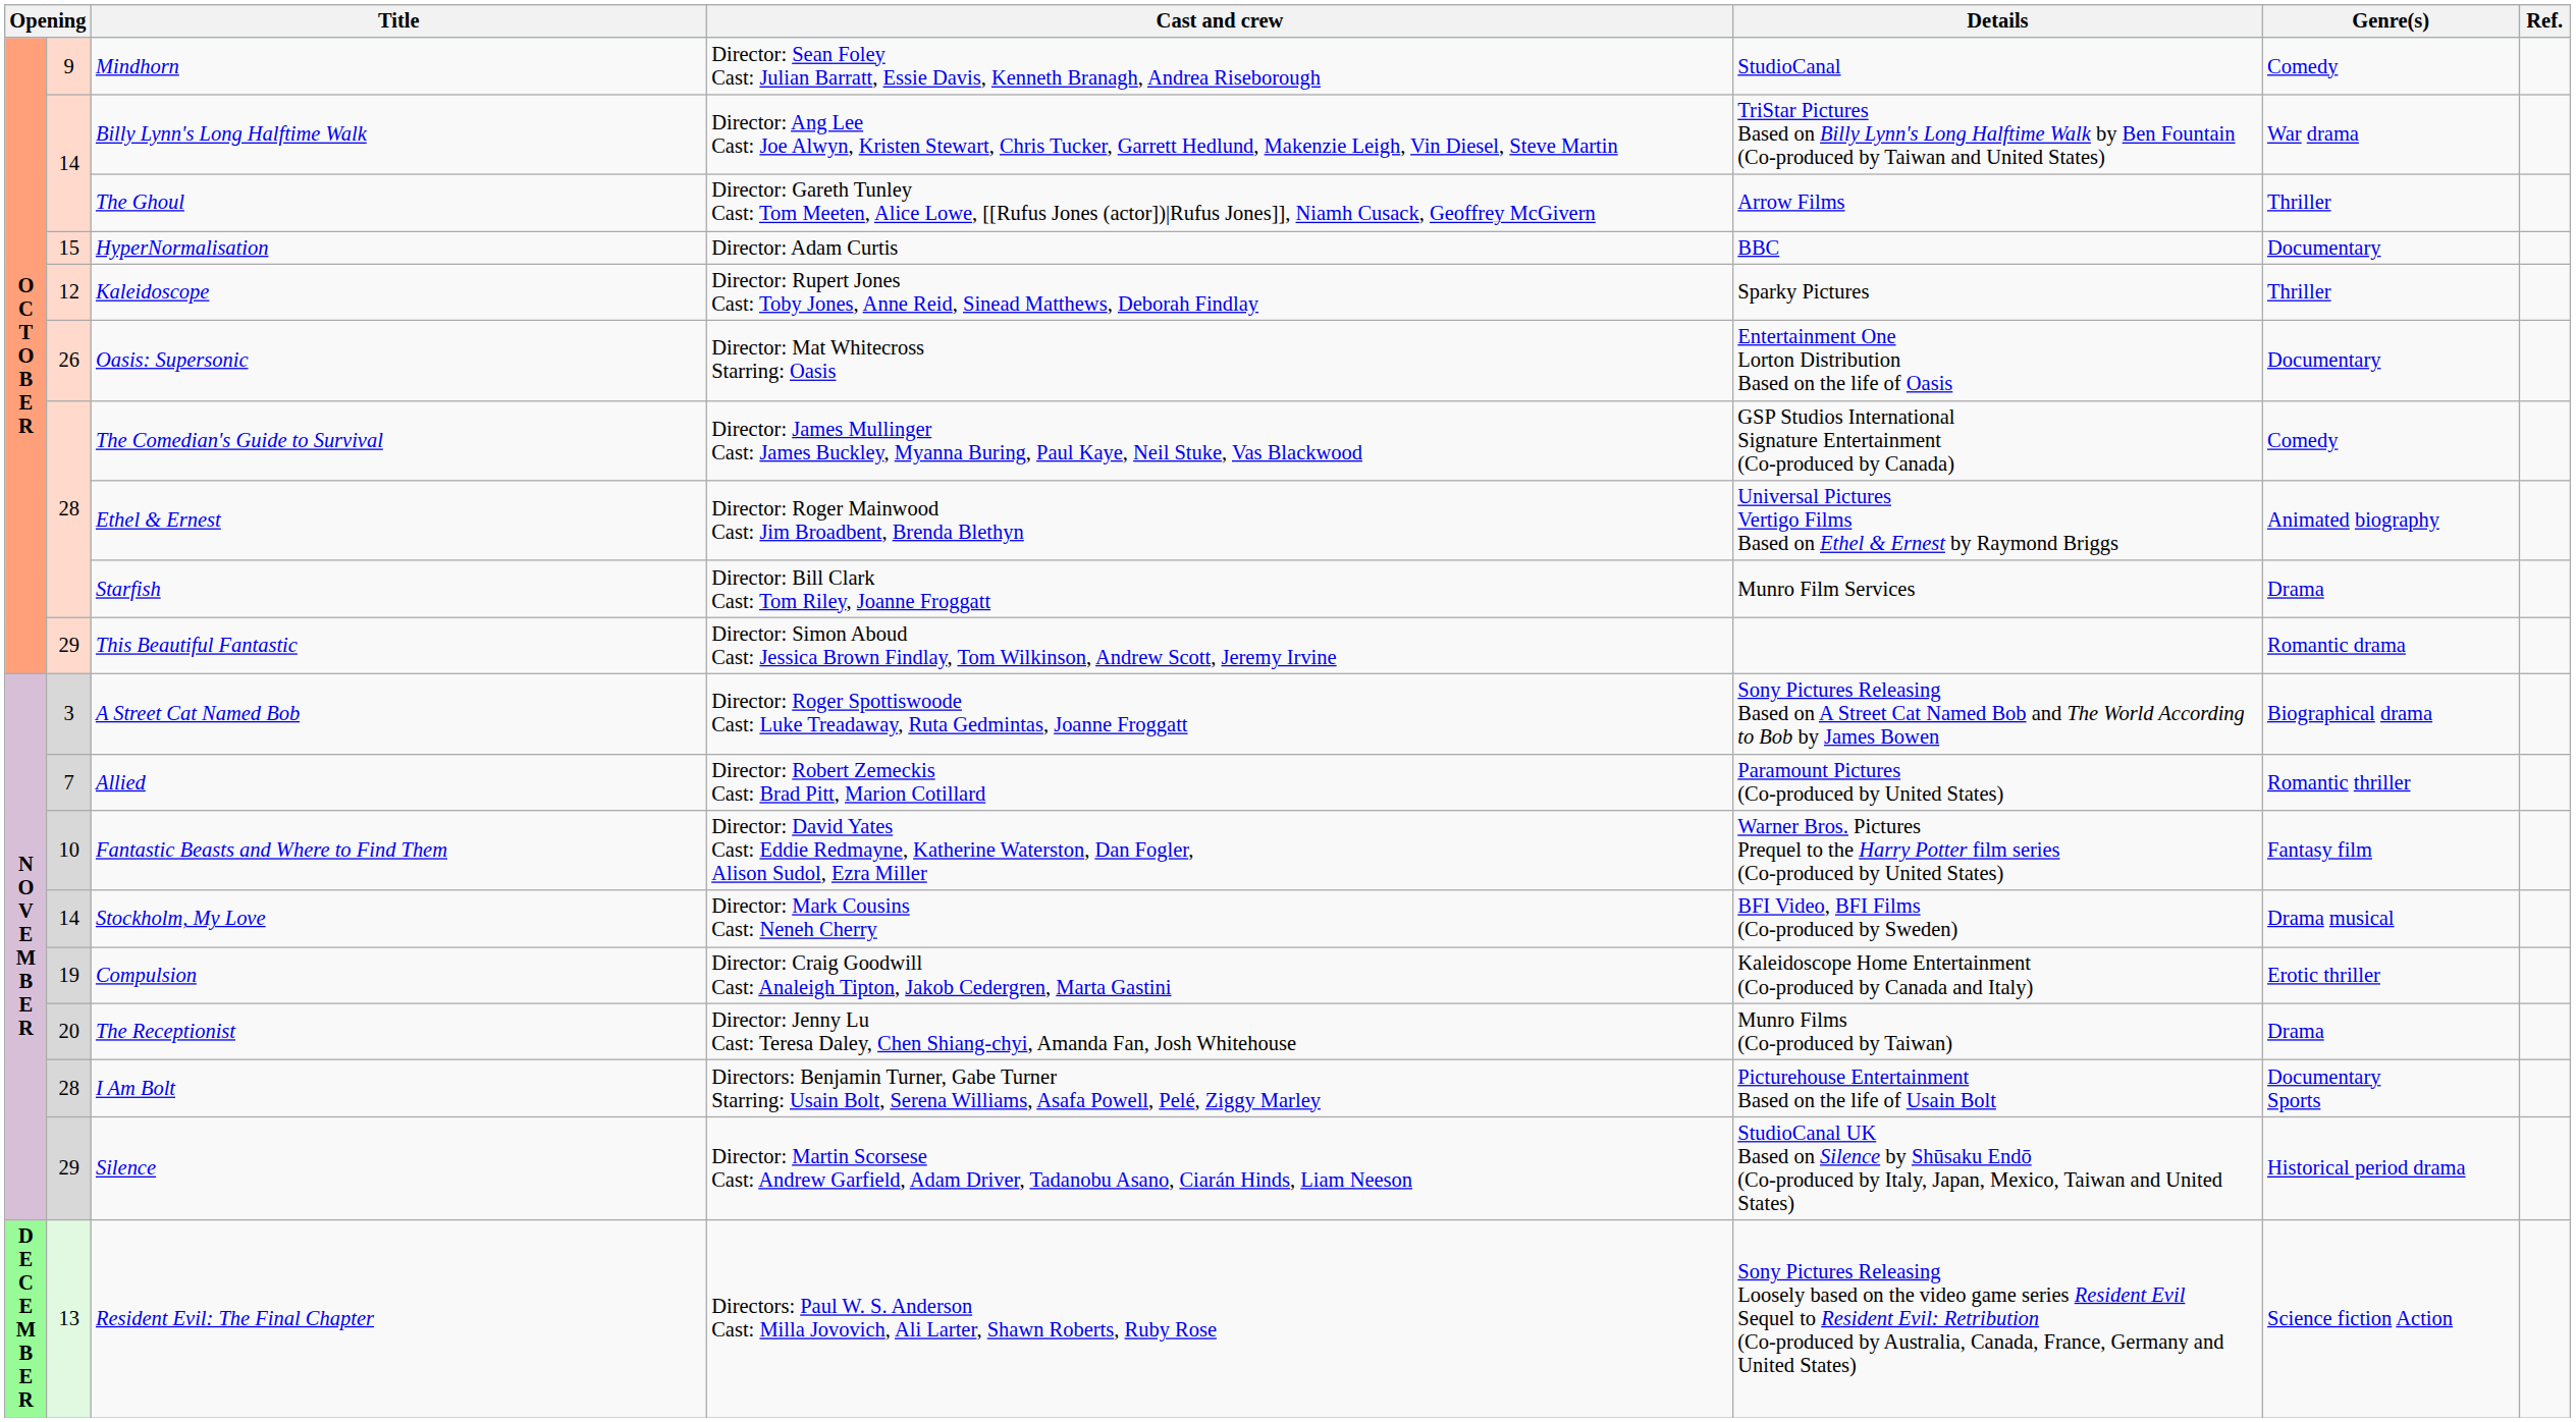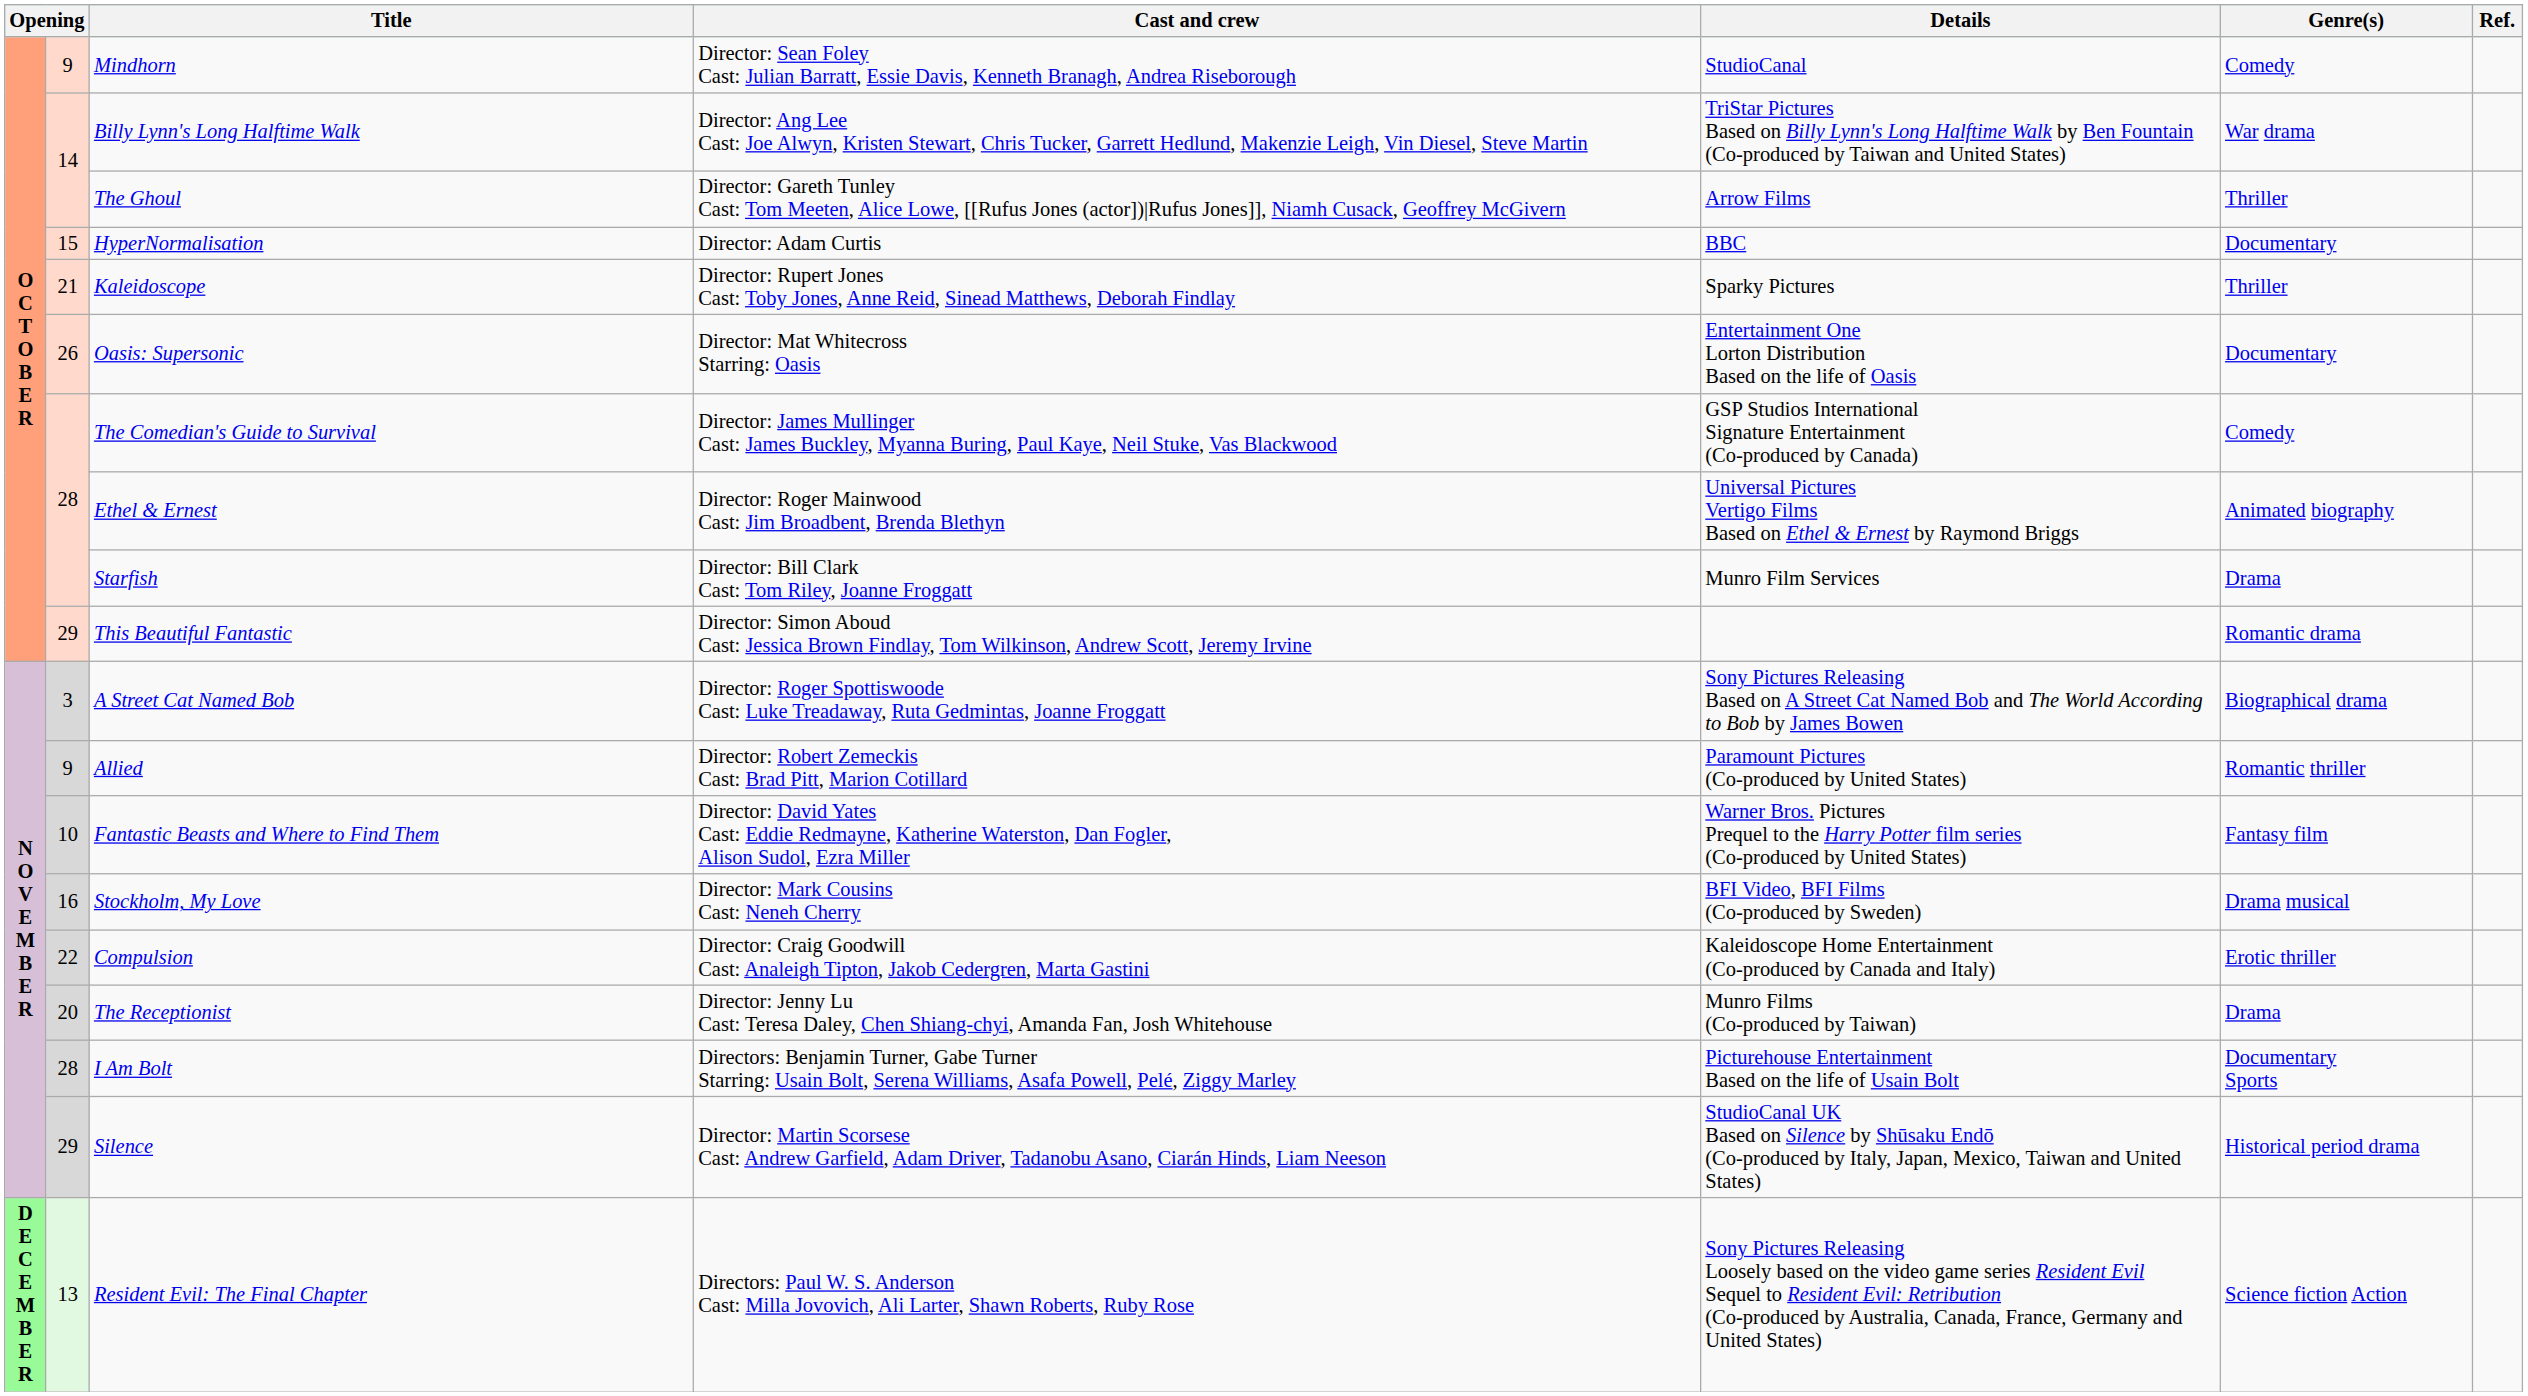 <table class="wikitable">
 <tr style="background:#b0e0e6; text-align:center;">
 <th colspan="2">Opening</th>
 <th style="width:24%;">Title</th>
 <th style="width:40%;">Cast and crew</th>
 <th>Details</th>
 <th style="width:10%;">Genre(s)</th>
 <th style="width:2%;">Ref.</th>
 </tr>
 <tr>
 <th rowspan="10" style="text-align:center; background:#ffa07a; textcolor:#000;">O<br>C<br>T<br>O<br>B<br>E<br>R</th>
 <td rowspan="1" style="text-align:center; background:#ffdacc;">9</td>
 <td><em><a href='#'>Mindhorn</a></em></td>
 <td>Director: <a href='#'>Sean Foley</a> <br> Cast: <a href='#'>Julian Barratt</a>, <a href='#'>Essie Davis</a>, <a href='#'>Kenneth Branagh</a>, <a href='#'>Andrea Riseborough</a></td>
 <td><a href='#'>StudioCanal</a></td>
 <td><a href='#'>Comedy</a></td>
 <td style="text-align:center"></td>
 </tr>
 <tr>
 <td rowspan="2" style="text-align:center; background:#ffdacc;">14</td>
 <td><em><a href='#'>Billy Lynn's Long Halftime Walk</a></em></td>
 <td>Director: <a href='#'>Ang Lee</a> <br> Cast: <a href='#'>Joe Alwyn</a>, <a href='#'>Kristen Stewart</a>, <a href='#'>Chris Tucker</a>, <a href='#'>Garrett Hedlund</a>, <a href='#'>Makenzie Leigh</a>, <a href='#'>Vin Diesel</a>, <a href='#'>Steve Martin</a></td>
 <td><a href='#'>TriStar Pictures</a> <br> Based on <em><a href='#'>Billy Lynn's Long Halftime Walk</a></em> by <a href='#'>Ben Fountain</a> <br> (Co-produced by Taiwan and United States)</td>
 <td><a href='#'>War</a> <a href='#'>drama</a></td>
 <td style="text-align:center"></td>
 </tr>
 <tr>
 <td><em><a href='#'>The Ghoul</a></em></td>
 <td>Director: Gareth Tunley <br> Cast: <a href='#'>Tom Meeten</a>, <a href='#'>Alice Lowe</a>, [[Rufus Jones (actor])|Rufus Jones]], <a href='#'>Niamh Cusack</a>, <a href='#'>Geoffrey McGivern</a></td>
 <td><a href='#'>Arrow Films</a></td>
 <td><a href='#'>Thriller</a></td>
 <td></td>
 </tr>
 <tr>
 <td rowspan="1" style="text-align:center; background:#ffdacc;">15</td>
 <td><em><a href='#'>HyperNormalisation</a></em></td>
 <td>Director: Adam Curtis</td>
 <td><a href='#'>BBC</a></td>
 <td><a href='#'>Documentary</a></td>
 <td style="text-align:center"></td>
 </tr>
 <tr>
-<td rowspan="1" style="text-align:center; background:#ffdacc;">12</td>
+<td rowspan="1" style="text-align:center; background:#ffdacc;">21</td>
 <td><em><a href='#'>Kaleidoscope</a></em></td>
 <td>Director: Rupert Jones <br> Cast: <a href='#'>Toby Jones</a>, <a href='#'>Anne Reid</a>, <a href='#'>Sinead Matthews</a>, <a href='#'>Deborah Findlay</a></td>
 <td>Sparky Pictures</td>
 <td><a href='#'>Thriller</a></td>
 <td style="text-align:center"></td>
 </tr>
 <tr>
 <td rowspan="1" style="text-align:center; background:#ffdacc;">26</td>
 <td><em><a href='#'>Oasis: Supersonic</a></em></td>
 <td>Director: Mat Whitecross <br> Starring: <a href='#'>Oasis</a></td>
 <td><a href='#'>Entertainment One</a> <br> Lorton Distribution <br> Based on the life of <a href='#'>Oasis</a></td>
 <td><a href='#'>Documentary</a></td>
 <td style="text-align:center"></td>
 </tr>
 <tr>
 <td rowspan="3" style="text-align:center; background:#ffdacc;">28</td>
 <td><em><a href='#'>The Comedian's Guide to Survival</a></em></td>
 <td>Director: <a href='#'>James Mullinger</a> <br> Cast: <a href='#'>James Buckley</a>, <a href='#'>Myanna Buring</a>, <a href='#'>Paul Kaye</a>, <a href='#'>Neil Stuke</a>, <a href='#'>Vas Blackwood</a></td>
 <td>GSP Studios International <br> Signature Entertainment <br> (Co-produced by Canada)</td>
 <td><a href='#'>Comedy</a></td>
 <td style="text-align:center"></td>
 </tr>
 <tr>
 <td><em><a href='#'>Ethel & Ernest</a></em></td>
 <td>Director: Roger Mainwood <br> Cast: <a href='#'>Jim Broadbent</a>, <a href='#'>Brenda Blethyn</a></td>
 <td><a href='#'>Universal Pictures</a> <br> <a href='#'>Vertigo Films</a> <br> Based on <em><a href='#'>Ethel & Ernest</a></em> by Raymond Briggs</td>
 <td><a href='#'>Animated</a> <a href='#'>biography</a></td>
 <td style="text-align:center"></td>
 </tr>
 <tr>
 <td><em><a href='#'>Starfish</a></em></td>
 <td>Director: Bill Clark<br> Cast: <a href='#'>Tom Riley</a>, <a href='#'>Joanne Froggatt</a></td>
 <td>Munro Film Services</td>
 <td><a href='#'>Drama</a></td>
 <td style="text-align:center"></td>
 </tr>
 <tr>
 <td rowspan="1" style="text-align:center; background:#ffdacc;">29</td>
 <td><em><a href='#'>This Beautiful Fantastic</a></em></td>
 <td>Director: Simon Aboud <br> Cast: <a href='#'>Jessica Brown Findlay</a>, <a href='#'>Tom Wilkinson</a>, <a href='#'>Andrew Scott</a>, <a href='#'>Jeremy Irvine</a></td>
 <td></td>
 <td><a href='#'>Romantic drama</a></td>
 <td style="text-align:center"></td>
 </tr>
 <tr>
 <th rowspan="8" style="text-align:center; background:thistle; textcolor:#000;">N<br>O<br>V<br>E<br>M<br>B<br>E<br>R</th>
 <td rowspan="1" style="text-align:center; background:#d8d8d8;">3</td>
 <td><em><a href='#'>A Street Cat Named Bob</a></em></td>
 <td>Director: <a href='#'>Roger Spottiswoode</a> <br> Cast: <a href='#'>Luke Treadaway</a>, <a href='#'>Ruta Gedmintas</a>, <a href='#'>Joanne Froggatt</a></td>
 <td><a href='#'>Sony Pictures Releasing</a> <br> Based on <a href='#'>A Street Cat Named Bob</a> and <em>The World According to Bob</em> by <a href='#'>James Bowen</a></td>
 <td><a href='#'>Biographical</a> <a href='#'>drama</a></td>
 <td style="text-align:center"></td>
 </tr>
 <tr>
-<td rowspan="1" style="text-align:center; background:#d8d8d8;">7</td>
+<td rowspan="1" style="text-align:center; background:#d8d8d8;">9</td>
 <td><em><a href='#'>Allied</a></em></td>
 <td>Director: <a href='#'>Robert Zemeckis</a> <br> Cast: <a href='#'>Brad Pitt</a>, <a href='#'>Marion Cotillard</a></td>
 <td><a href='#'>Paramount Pictures</a> <br> (Co-produced by United States)</td>
 <td><a href='#'>Romantic</a> <a href='#'>thriller</a></td>
 <td style="text-align:center"></td>
 </tr>
 <tr>
 <td rowspan="1" style="text-align:center; background:#d8d8d8;">10</td>
 <td><em><a href='#'>Fantastic Beasts and Where to Find Them</a></em></td>
 <td>Director: <a href='#'>David Yates</a> <br> Cast: <a href='#'>Eddie Redmayne</a>, <a href='#'>Katherine Waterston</a>, <a href='#'>Dan Fogler</a>, <br> <a href='#'>Alison Sudol</a>, <a href='#'>Ezra Miller</a></td>
 <td><a href='#'>Warner Bros.</a> Pictures <br> Prequel to the <a href='#'><em>Harry Potter</em> film series</a> <br> (Co-produced by United States)</td>
 <td><a href='#'>Fantasy film</a></td>
 <td style="text-align:center"></td>
 </tr>
 <tr>
-<td rowspan="1" style="text-align:center; background:#d8d8d8;">14</td>
+<td rowspan="1" style="text-align:center; background:#d8d8d8;">16</td>
 <td><em><a href='#'>Stockholm, My Love</a></em></td>
 <td>Director: <a href='#'>Mark Cousins</a> <br> Cast: <a href='#'>Neneh Cherry</a></td>
 <td><a href='#'>BFI Video</a>, <a href='#'>BFI Films</a> <br> (Co-produced by Sweden)</td>
 <td><a href='#'>Drama</a> <a href='#'>musical</a></td>
 <td style="text-align:center"></td>
 </tr>
 <tr>
-<td rowspan="1" style="text-align:center; background:#d8d8d8;">19</td>
+<td rowspan="1" style="text-align:center; background:#d8d8d8;">22</td>
 <td><em><a href='#'>Compulsion</a></em></td>
 <td>Director: Craig Goodwill<br>Cast: <a href='#'>Analeigh Tipton</a>, <a href='#'>Jakob Cedergren</a>, <a href='#'>Marta Gastini</a></td>
 <td>Kaleidoscope Home Entertainment <br> (Co-produced by Canada and Italy)</td>
 <td><a href='#'>Erotic thriller</a></td>
 <td style="text-align:center"></td>
 </tr>
 <tr>
 <td rowspan="1" style="text-align:center; background:#d8d8d8;">20</td>
 <td><em><a href='#'>The Receptionist</a></em></td>
 <td>Director: Jenny Lu <br> Cast: Teresa Daley, <a href='#'>Chen Shiang-chyi</a>, Amanda Fan, Josh Whitehouse</td>
 <td>Munro Films <br> (Co-produced by Taiwan)</td>
 <td><a href='#'>Drama</a></td>
 <td style="text-align:center"></td>
 </tr>
 <tr>
 <td rowspan="1" style="text-align:center; background:#d8d8d8;">28</td>
 <td><em><a href='#'>I Am Bolt</a></em></td>
 <td>Directors: Benjamin Turner, Gabe Turner <br> Starring: <a href='#'>Usain Bolt</a>, <a href='#'>Serena Williams</a>, <a href='#'>Asafa Powell</a>, <a href='#'>Pelé</a>, <a href='#'>Ziggy Marley</a></td>
 <td><a href='#'>Picturehouse Entertainment</a> <br> Based on the life of <a href='#'>Usain Bolt</a></td>
 <td><a href='#'>Documentary</a> <br> <a href='#'>Sports</a></td>
 <td style="text-align:center"></td>
 </tr>
 <tr>
 <td rowspan="1" style="text-align:center; background:#d8d8d8;">29</td>
 <td><em><a href='#'>Silence</a></em></td>
 <td>Director: <a href='#'>Martin Scorsese</a> <br> Cast: <a href='#'>Andrew Garfield</a>, <a href='#'>Adam Driver</a>, <a href='#'>Tadanobu Asano</a>, <a href='#'>Ciarán Hinds</a>, <a href='#'>Liam Neeson</a></td>
 <td><a href='#'>StudioCanal UK</a> <br> Based on <em><a href='#'>Silence</a></em> by <a href='#'>Shūsaku Endō</a> <br> (Co-produced by Italy, Japan, Mexico, Taiwan and United States)</td>
 <td><a href='#'>Historical period drama</a></td>
 <td style="text-align:center"></td>
 </tr>
 <tr>
 <th rowspan="1" style="text-align:center; background:#98fb98; textcolor:#000;">D<br>E<br>C<br>E<br>M<br>B<br>E<br>R</th>
 <td rowspan="1" style="text-align:center; background:#e0f9e0;">13</td>
 <td><em><a href='#'>Resident Evil: The Final Chapter</a></em></td>
 <td>Directors: <a href='#'>Paul W. S. Anderson</a> <br> Cast: <a href='#'>Milla Jovovich</a>, <a href='#'>Ali Larter</a>, <a href='#'>Shawn Roberts</a>, <a href='#'>Ruby Rose</a></td>
 <td><a href='#'>Sony Pictures Releasing</a> <br> Loosely based on the video game series <em><a href='#'>Resident Evil</a></em> <br> Sequel to <em><a href='#'>Resident Evil: Retribution</a></em> <br> (Co-produced by Australia, Canada, France, Germany and United States)</td>
 <td><a href='#'>Science fiction</a> <a href='#'>Action</a></td>
 <td style="text-align:center"></td>
 </tr>
 </table>
